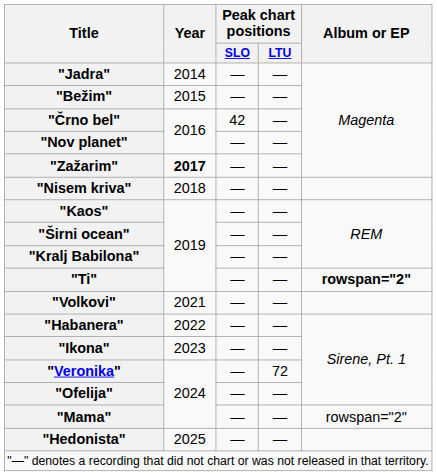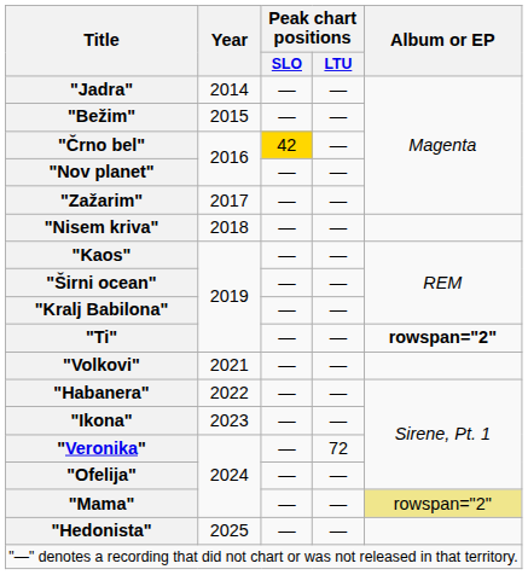 <table class="wikitable plainrowheaders" style="text-align:center;">
 <tr>
 <th scope="col" rowspan="2">Title</th>
 <th scope="col" rowspan="2">Year</th>
 <th scope="col" colspan="2">Peak chart positions</th>
 <th scope="col" rowspan="2">Album or EP</th>
 </tr>
 <tr>
 <th scope="col" style="width:3em;font-size:85%;"><a href='#'>SLO</a><br></th>
 <th scope="col" style="width:3em;font-size:85%;"><a href='#'>LTU</a><br></th>
 </tr>
 <tr>
 <th scope="row">"Jadra"</th>
 <td>2014</td>
 <td>—</td>
 <td>—</td>
 <td rowspan="5"><em>Magenta</em></td>
 </tr>
 <tr>
 <th scope="row">"Bežim"</th>
 <td>2015</td>
 <td>—</td>
 <td>—</td>
 </tr>
 <tr>
 <th scope="row">"Črno bel"</th>
 <td rowspan="2">2016</td>
-<td>42</td>
+<td style="background: gold;">42</td>
 <td>—</td>
 </tr>
 <tr>
 <th scope="row">"Nov planet"</th>
 <td>—</td>
 <td>—</td>
 </tr>
 <tr>
 <th scope="row">"Zažarim"</th>
-<td><strong>2017</strong></td>
+<td>2017</td>
 <td>—</td>
 <td>—</td>
 </tr>
 <tr>
 <th scope="row">"Nisem kriva"</th>
 <td>2018</td>
 <td>—</td>
 <td>—</td>
 <td></td>
 </tr>
 <tr>
 <th scope="row">"Kaos"</th>
 <td rowspan="4">2019</td>
 <td>—</td>
 <td>—</td>
 <td rowspan="3"><em>REM</em></td>
 </tr>
 <tr>
 <th scope="row">"Širni ocean"</th>
 <td>—</td>
 <td>—</td>
 </tr>
 <tr>
 <th scope="row">"Kralj Babilona"</th>
 <td>—</td>
 <td>—</td>
 </tr>
 <tr>
 <th scope="row">"Ti"</th>
 <td>—</td>
 <td>—</td>
 <td><strong>rowspan="2" </strong></td>
 </tr>
 <tr>
 <th scope="row">"Volkovi"</th>
 <td>2021</td>
 <td>—</td>
 <td>—</td>
 </tr>
 <tr>
 <th scope="row">"Habanera"</th>
 <td>2022</td>
 <td>—</td>
 <td>—</td>
 <td rowspan="4"><em>Sirene, Pt. 1</em></td>
 </tr>
 <tr>
 <th scope="row">"Ikona"</th>
 <td>2023</td>
 <td>—</td>
 <td>—</td>
 </tr>
 <tr>
 <th scope="row">"<a href='#'>Veronika</a>"</th>
 <td rowspan="3">2024</td>
 <td>—</td>
 <td>72</td>
 </tr>
 <tr>
 <th scope="row">"Ofelija"</th>
 <td>—</td>
 <td>—</td>
 </tr>
 <tr>
 <th scope="row">"Mama"</th>
 <td>—</td>
 <td>—</td>
-<td>rowspan="2" </td>
+<td style="background: khaki;">rowspan="2" </td>
 </tr>
 <tr>
 <th scope="row">"Hedonista"</th>
 <td>2025</td>
 <td>—</td>
 <td>—</td>
 </tr>
 <tr>
 <td colspan="5" style="font-size:85%">"—" denotes a recording that did not chart or was not released in that territory.</td>
 </tr>
 </table>
